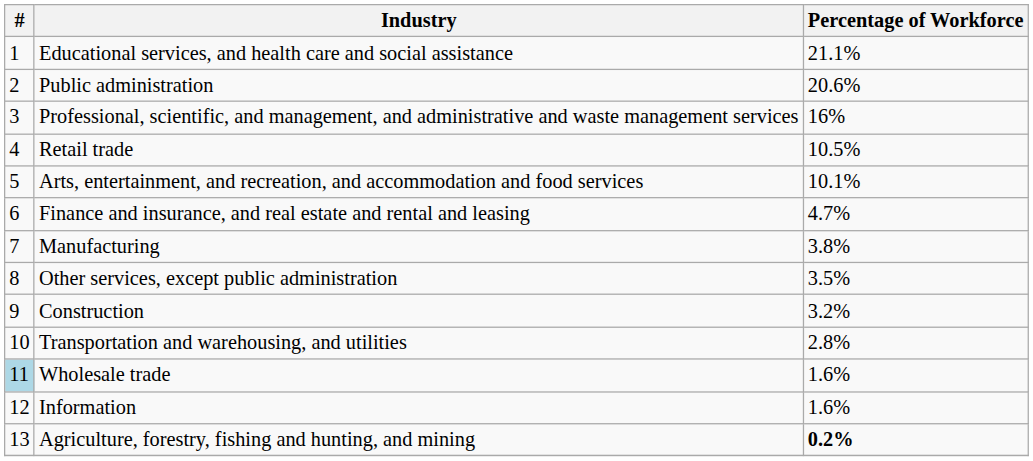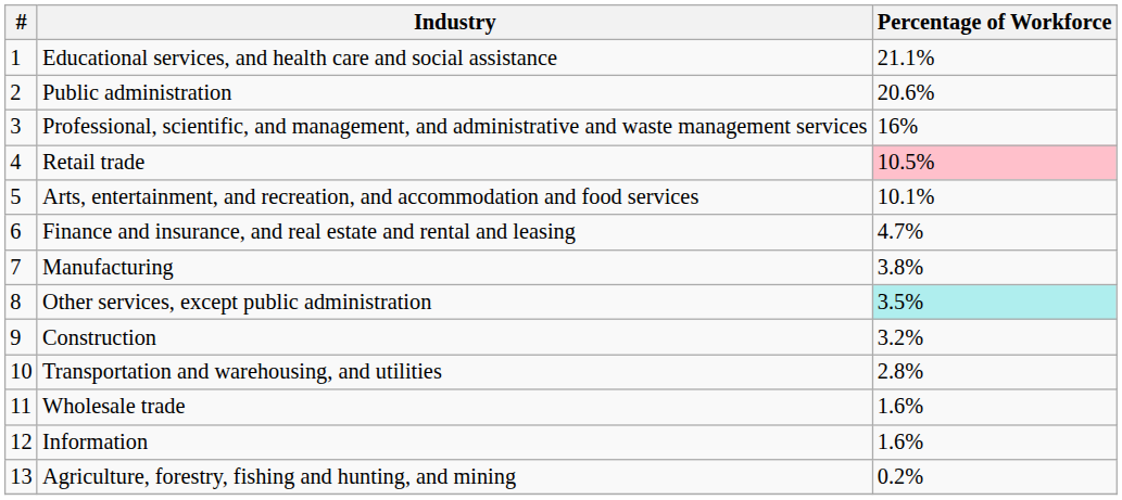 <table class="wikitable">
 <tr>
 <th>#</th>
 <th>Industry</th>
 <th>Percentage of Workforce</th>
 </tr>
 <tr>
 <td>1</td>
 <td>Educational services, and health care and social assistance</td>
 <td>21.1%</td>
 </tr>
 <tr>
 <td>2</td>
 <td>Public administration</td>
 <td>20.6%</td>
 </tr>
 <tr>
 <td>3</td>
 <td>Professional, scientific, and management, and administrative and waste management services</td>
 <td>16%</td>
 </tr>
 <tr>
 <td>4</td>
 <td>Retail trade</td>
-<td>10.5%</td>
+<td style="background: pink;">10.5%</td>
 </tr>
 <tr>
 <td>5</td>
 <td>Arts, entertainment, and recreation, and accommodation and food services</td>
 <td>10.1%</td>
 </tr>
 <tr>
 <td>6</td>
 <td>Finance and insurance, and real estate and rental and leasing</td>
 <td>4.7%</td>
 </tr>
 <tr>
 <td>7</td>
 <td>Manufacturing</td>
 <td>3.8%</td>
 </tr>
 <tr>
 <td>8</td>
 <td>Other services, except public administration</td>
-<td>3.5%</td>
+<td style="background: paleturquoise;">3.5%</td>
 </tr>
 <tr>
 <td>9</td>
 <td>Construction</td>
 <td>3.2%</td>
 </tr>
 <tr>
 <td>10</td>
 <td>Transportation and warehousing, and utilities</td>
 <td>2.8%</td>
 </tr>
 <tr>
-<td style="background: lightblue;">11</td>
+<td>11</td>
 <td>Wholesale trade</td>
 <td>1.6%</td>
 </tr>
 <tr>
 <td>12</td>
 <td>Information</td>
 <td>1.6%</td>
 </tr>
 <tr>
 <td>13</td>
 <td>Agriculture, forestry, fishing and hunting, and mining</td>
-<td><strong>0.2%</strong></td>
+<td>0.2%</td>
 </tr>
 <tr>
 </tr>
 </table>
